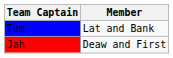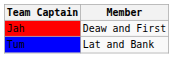 <table class="wikitable">
 <tr>
 <th>Team Captain</th>
 <th>Member</th>
 </tr>
 <tr>
+<td style="background:red"><span>Jah</span></td>
+<td>Deaw and First</td>
+</tr>
+<tr>
 <td style="background:#0000FF"><span>Tum</span></td>
 <td>Lat and Bank</td>
 </tr>
-<tr>
-<td style="background:red"><span>Jah</span></td>
-<td>Deaw and First</td>
-</tr>
 </table>
